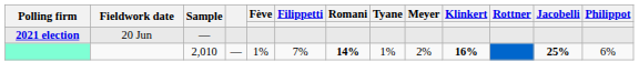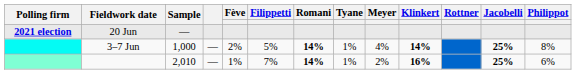 <table class="wikitable" style="text-align:center;font-size:90%;line-height:14px;">
 <tr>
 <th rowspan="2" style="width:100px;">Polling firm</th>
 <th rowspan="2" style="width:110px;">Fieldwork date</th>
 <th rowspan="2" style="width:35px;">Sample</th>
 <th rowspan="2" style="width:20px;"></th>
 <th>Fève<br></th>
 <th><a href='#'>Filippetti</a><br></th>
 <th>Romani<br></th>
 <th>Tyane<br></th>
 <th>Meyer<br></th>
 <th><a href='#'>Klinkert</a><br></th>
 <th><a href='#'>Rottner</a><br></th>
 <th><a href='#'>Jacobelli</a><br></th>
 <th><a href='#'>Philippot</a><br></th>
 </tr>
 <tr>
 <th style="background:"></th>
 <th style="background:"></th>
 <th style="background:"></th>
 <th style="background:"></th>
 <th style="background:"></th>
 <th style="background:"></th>
 <th style="background:"></th>
 <th style="background:"></th>
 <th style="background:"></th>
 </tr>
 <tr style="background:#E9E9E9;">
 <td><strong><a href='#'>2021 election</a></strong></td>
 <td data-sort-value="2021-06-20">20 Jun</td>
 <td>—</td>
 <td></td>
 <td></td>
 <td></td>
 <td></td>
 <td></td>
 <td></td>
 <td></td>
 <td></td>
 <td></td>
 <td></td>
 </tr>
 <tr>
+<td style="background:#04FBF4;"></td>
+<td>3–7 Jun</td>
+<td>1,000</td>
+<td>—</td>
+<td>2%</td>
+<td>5%</td>
+<td><strong>14%</strong></td>
+<td>1%</td>
+<td>4%</td>
+<td><strong>14%</strong></td>
+<td style="background:#0066CC;"><strong></strong></td>
+<td><strong>25%</strong></td>
+<td>8%</td>
+</tr>
+<tr>
 <td style="background:aquamarine;"></td>
 <td></td>
 <td>2,010</td>
 <td>—</td>
 <td>1%</td>
 <td>7%</td>
 <td><strong>14%</strong></td>
 <td>1%</td>
 <td>2%</td>
 <td><strong>16%</strong></td>
 <td style="background:#0066CC;"><strong></strong></td>
 <td><strong>25%</strong></td>
 <td>6%</td>
 </tr>
 </table>
